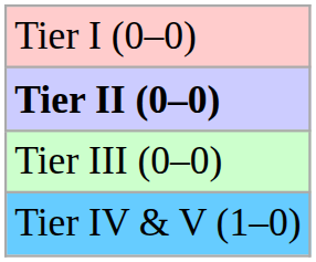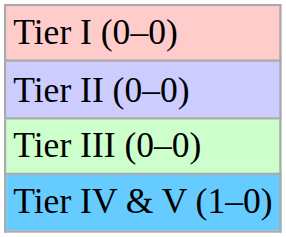 <table class="wikitable">
 <tr>
 <td bgcolor=#ffcccc>Tier I (0–0)</td>
 </tr>
 <tr>
-<td bgcolor=#ccccff><strong>Tier II (0–0)</strong></td>
+<td bgcolor=#ccccff>Tier II (0–0)</td>
 </tr>
 <tr>
 <td bgcolor=#CCFFCC>Tier III (0–0)</td>
 </tr>
 <tr>
 <td bgcolor=#66CCFF>Tier IV & V (1–0)</td>
 </tr>
 </table>
